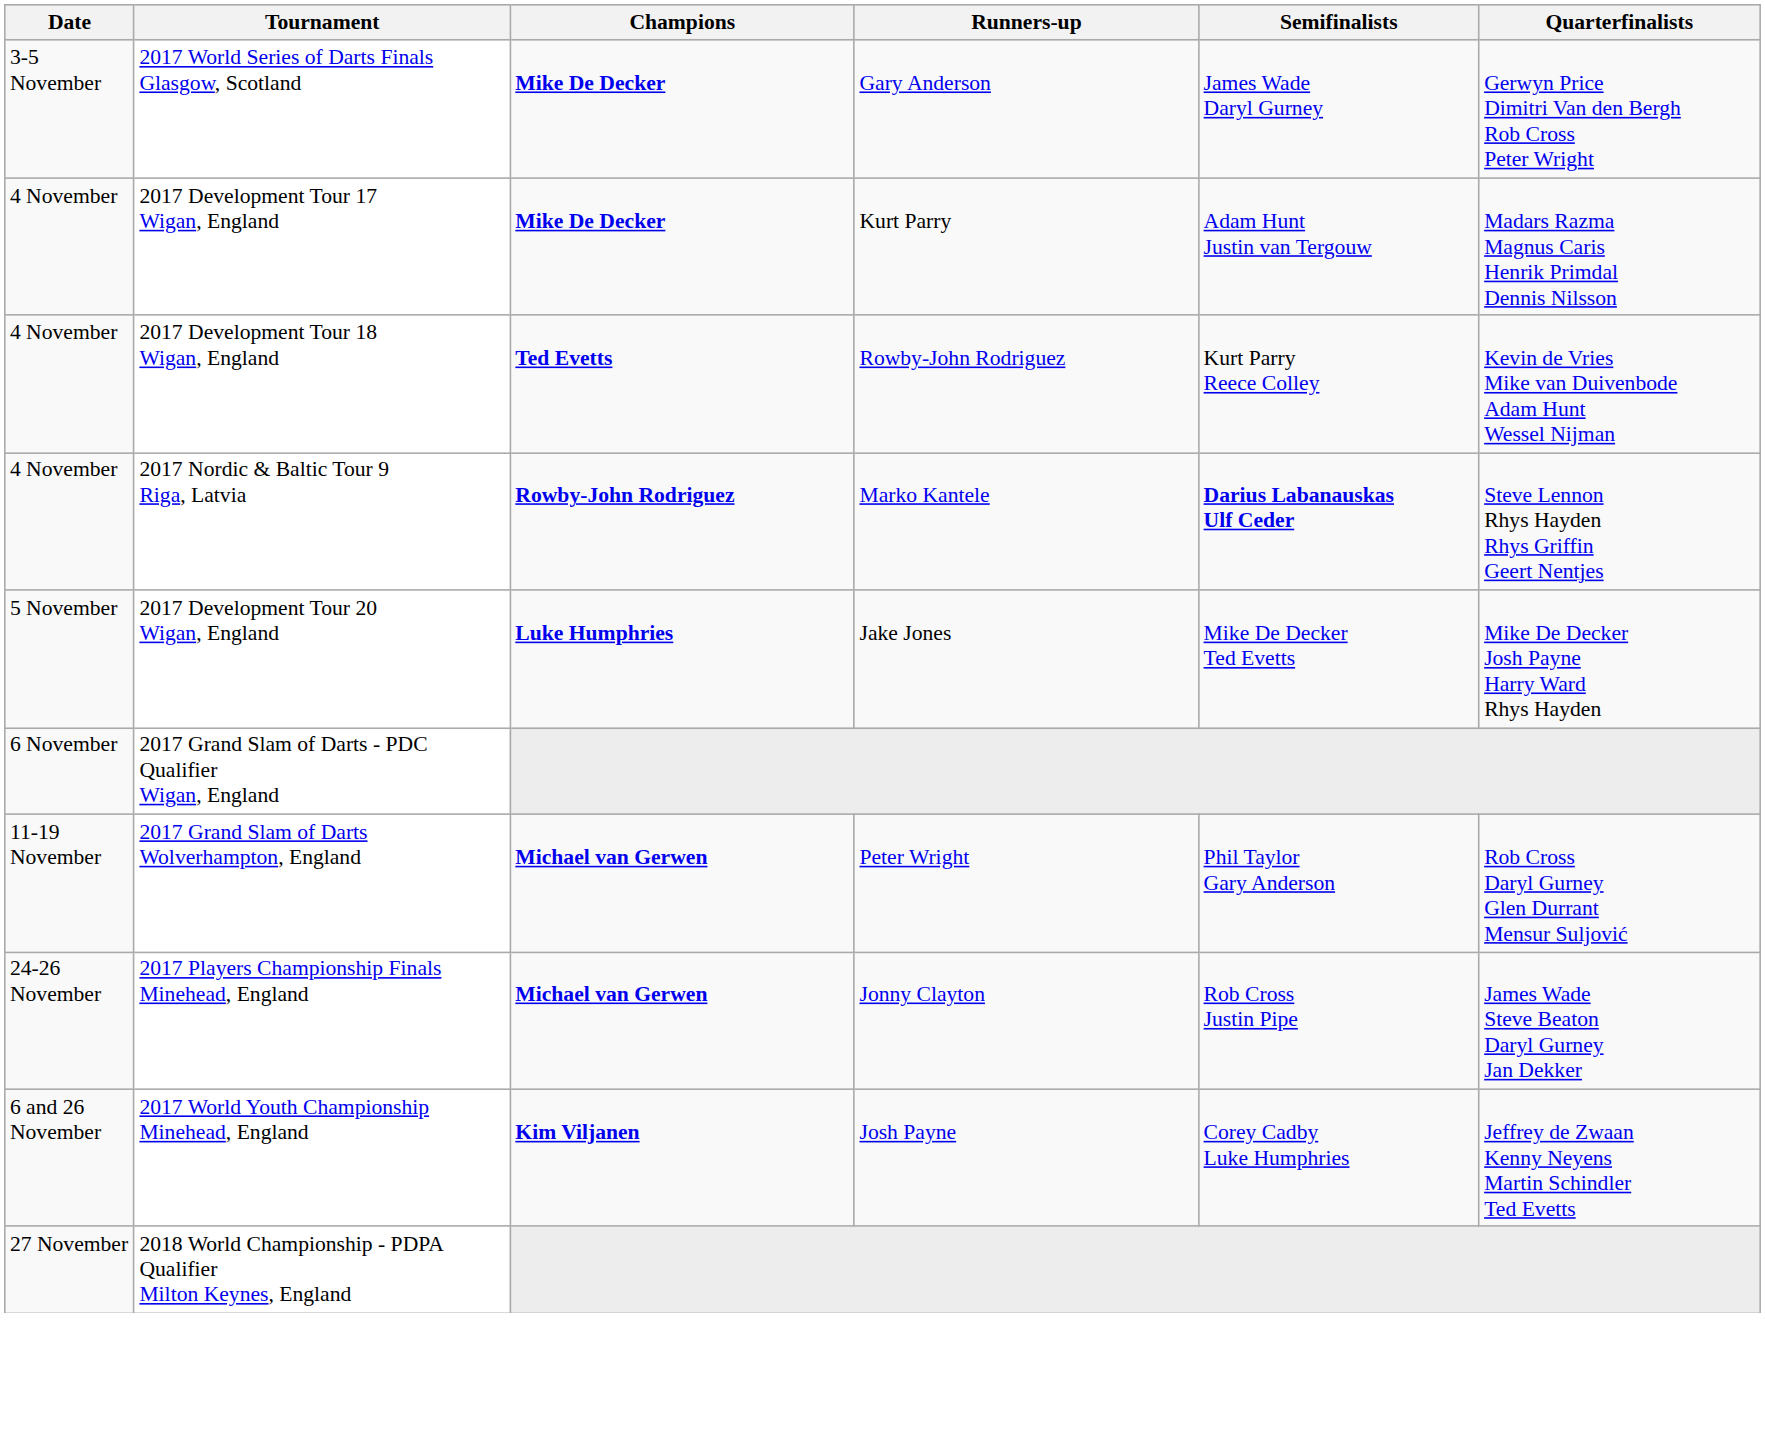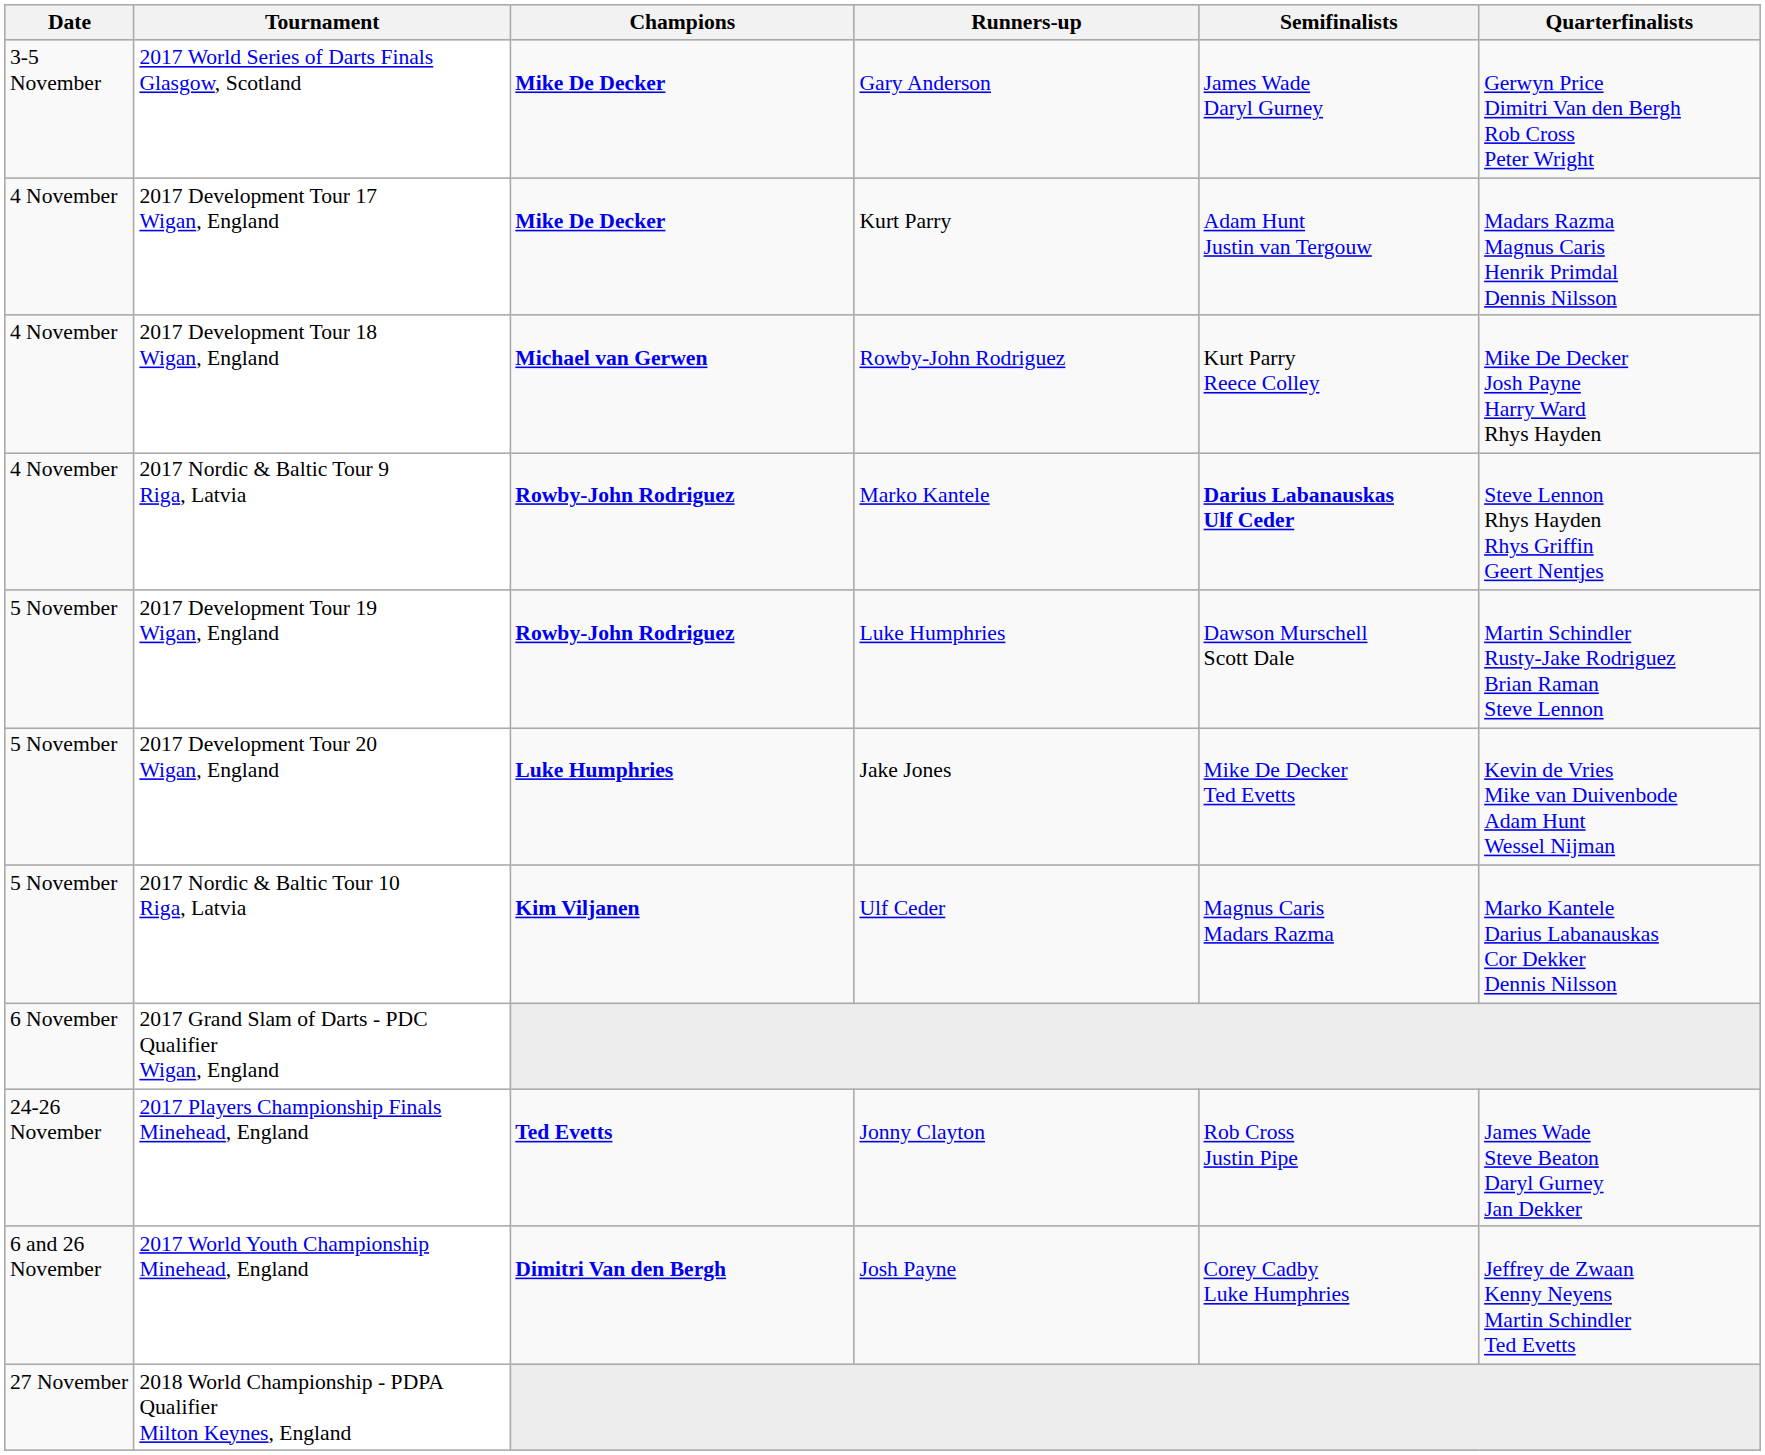 <table class=wikitable style=font-size:85%>
 <tr>
 <th width=75>Date</th>
 <th width=230>Tournament</th>
 <th width=210>Champions</th>
 <th width=210>Runners-up</th>
 <th width=170>Semifinalists</th>
 <th width=170>Quarterfinalists</th>
 </tr>
 <tr valign="top">
 <td>3-5 November</td>
 <td bgcolor="#ffffff"><a href='#'>2017 World Series of Darts Finals</a><br><a href='#'>Glasgow</a>, Scotland</td>
 <td><br> <strong><a href='#'>Mike De Decker</a></strong></td>
 <td><br> <a href='#'>Gary Anderson</a></td>
 <td><br> <a href='#'>James Wade</a> <br>  <a href='#'>Daryl Gurney</a></td>
 <td><br> <a href='#'>Gerwyn Price</a> <br>  <a href='#'>Dimitri Van den Bergh</a> <br>  <a href='#'>Rob Cross</a> <br>  <a href='#'>Peter Wright</a></td>
 </tr>
 <tr valign="top">
 <td>4 November</td>
 <td bgcolor="#ffffff">2017 Development Tour 17<br><a href='#'>Wigan</a>, England</td>
 <td><br> <strong><a href='#'>Mike De Decker</a></strong></td>
 <td><br> Kurt Parry</td>
 <td><br> <a href='#'>Adam Hunt</a> <br>  <a href='#'>Justin van Tergouw</a></td>
 <td><br> <a href='#'>Madars Razma</a> <br>  <a href='#'>Magnus Caris</a> <br>  <a href='#'>Henrik Primdal</a> <br>  <a href='#'>Dennis Nilsson</a></td>
 </tr>
 <tr valign="top">
 <td>4 November</td>
 <td bgcolor="#ffffff">2017 Development Tour 18<br><a href='#'>Wigan</a>, England</td>
-<td><br> <strong><a href='#'>Ted Evetts</a></strong></td>
+<td><br> <strong><a href='#'>Michael van Gerwen</a></strong></td>
 <td><br> <a href='#'>Rowby-John Rodriguez</a></td>
 <td><br> Kurt Parry <br>  <a href='#'>Reece Colley</a></td>
-<td><br> <a href='#'>Kevin de Vries</a> <br>  <a href='#'>Mike van Duivenbode</a> <br>  <a href='#'>Adam Hunt</a> <br>  <a href='#'>Wessel Nijman</a></td>
+<td><br> <a href='#'>Mike De Decker</a> <br>  <a href='#'>Josh Payne</a> <br>  <a href='#'>Harry Ward</a> <br>  Rhys Hayden</td>
 </tr>
 <tr valign="top">
 <td>4 November</td>
 <td bgcolor="#ffffff">2017 Nordic & Baltic Tour 9<br><a href='#'>Riga</a>, Latvia</td>
 <td><br> <strong><a href='#'>Rowby-John Rodriguez</a></strong></td>
 <td><br> <a href='#'>Marko Kantele</a></td>
 <td><strong><br> <a href='#'>Darius Labanauskas</a> <br>  <a href='#'>Ulf Ceder</a></strong></td>
 <td><br> <a href='#'>Steve Lennon</a> <br>  Rhys Hayden <br>  <a href='#'>Rhys Griffin</a> <br>  <a href='#'>Geert Nentjes</a></td>
 </tr>
 <tr valign="top">
 <td>5 November</td>
+<td bgcolor="#ffffff">2017 Development Tour 19<br><a href='#'>Wigan</a>, England</td>
+<td><br> <strong><a href='#'>Rowby-John Rodriguez</a></strong></td>
+<td><br> <a href='#'>Luke Humphries</a></td>
+<td><br> <a href='#'>Dawson Murschell</a> <br>  Scott Dale</td>
+<td><br> <a href='#'>Martin Schindler</a> <br>  <a href='#'>Rusty-Jake Rodriguez</a> <br>  <a href='#'>Brian Raman</a> <br>  <a href='#'>Steve Lennon</a></td>
+</tr>
+<tr valign="top">
+<td>5 November</td>
 <td bgcolor="#ffffff">2017 Development Tour 20<br><a href='#'>Wigan</a>, England</td>
 <td><br> <strong><a href='#'>Luke Humphries</a></strong></td>
 <td><br> Jake Jones</td>
 <td><br> <a href='#'>Mike De Decker</a> <br>  <a href='#'>Ted Evetts</a></td>
-<td><br> <a href='#'>Mike De Decker</a> <br>  <a href='#'>Josh Payne</a> <br>  <a href='#'>Harry Ward</a> <br>  Rhys Hayden</td>
+<td><br> <a href='#'>Kevin de Vries</a> <br>  <a href='#'>Mike van Duivenbode</a> <br>  <a href='#'>Adam Hunt</a> <br>  <a href='#'>Wessel Nijman</a></td>
+</tr>
+<tr valign="top">
+<td>5 November</td>
+<td bgcolor="#ffffff">2017 Nordic & Baltic Tour 10<br><a href='#'>Riga</a>, Latvia</td>
+<td><br> <strong><a href='#'>Kim Viljanen</a></strong></td>
+<td><br> <a href='#'>Ulf Ceder</a></td>
+<td><br> <a href='#'>Magnus Caris</a> <br>  <a href='#'>Madars Razma</a></td>
+<td><br> <a href='#'>Marko Kantele</a> <br>  <a href='#'>Darius Labanauskas</a> <br>  <a href='#'>Cor Dekker</a> <br>  <a href='#'>Dennis Nilsson</a></td>
 </tr>
 <tr valign="top">
 <td>6 November</td>
 <td bgcolor="#ffffff">2017 Grand Slam of Darts - PDC Qualifier <br> <a href='#'>Wigan</a>, England</td>
 <td colspan=4 bgcolor="#ededed"></td>
 </tr>
 <tr valign="top">
-<td>11-19 November</td>
-<td bgcolor="#ffffff"><a href='#'>2017 Grand Slam of Darts</a><br><a href='#'>Wolverhampton</a>, England</td>
-<td><br> <strong><a href='#'>Michael van Gerwen</a></strong></td>
-<td><br> <a href='#'>Peter Wright</a></td>
-<td><br> <a href='#'>Phil Taylor</a> <br>  <a href='#'>Gary Anderson</a></td>
-<td><br> <a href='#'>Rob Cross</a> <br>  <a href='#'>Daryl Gurney</a> <br>  <a href='#'>Glen Durrant</a> <br>  <a href='#'>Mensur Suljović</a></td>
-</tr>
-<tr valign="top">
 <td>24-26 November</td>
 <td bgcolor="#ffffff"><a href='#'>2017 Players Championship Finals</a><br><a href='#'>Minehead</a>, England</td>
-<td><br> <strong><a href='#'>Michael van Gerwen</a></strong></td>
+<td><br> <strong><a href='#'>Ted Evetts</a></strong></td>
 <td><br> <a href='#'>Jonny Clayton</a></td>
 <td><br> <a href='#'>Rob Cross</a> <br>  <a href='#'>Justin Pipe</a></td>
 <td><br> <a href='#'>James Wade</a> <br>  <a href='#'>Steve Beaton</a> <br>  <a href='#'>Daryl Gurney</a> <br>  <a href='#'>Jan Dekker</a></td>
 </tr>
 <tr valign="top">
 <td>6 and 26 November</td>
 <td bgcolor="#ffffff"><a href='#'>2017 World Youth Championship</a><br><a href='#'>Minehead</a>, England</td>
-<td><br> <strong><a href='#'>Kim Viljanen</a></strong></td>
+<td><br> <strong><a href='#'>Dimitri Van den Bergh</a></strong></td>
 <td><br> <a href='#'>Josh Payne</a></td>
 <td><br> <a href='#'>Corey Cadby</a> <br>  <a href='#'>Luke Humphries</a></td>
 <td><br> <a href='#'>Jeffrey de Zwaan</a> <br>  <a href='#'>Kenny Neyens</a> <br>  <a href='#'>Martin Schindler</a> <br>  <a href='#'>Ted Evetts</a></td>
 </tr>
 <tr valign="top">
 <td>27 November</td>
 <td bgcolor="#ffffff">2018 World Championship - PDPA Qualifier <br> <a href='#'>Milton Keynes</a>, England</td>
 <td colspan=4 bgcolor="#ededed"></td>
 </tr>
 </table>
